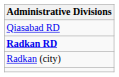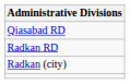 <table class="wikitable">
 <tr>
 <th>Administrative Divisions</th>
 </tr>
 <tr>
 <td><a href='#'>Qiasabad RD</a></td>
 </tr>
 <tr>
-<td><strong><a href='#'>Radkan RD</a></strong></td>
+<td><a href='#'>Radkan RD</a></td>
 </tr>
 <tr>
 <td><a href='#'>Radkan</a> (city)</td>
 </tr>
 <tr>
 <td colspan=1></td>
 </tr>
 </table>
